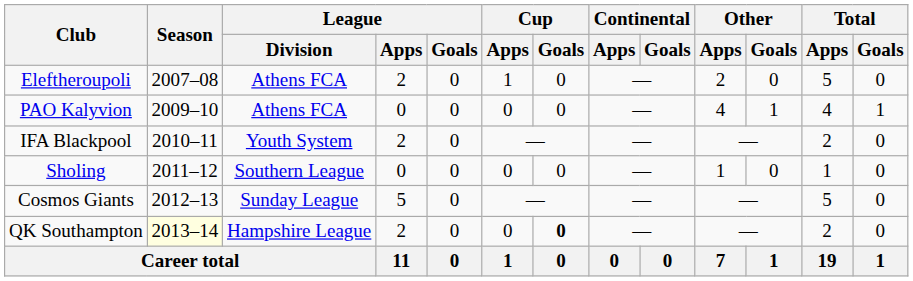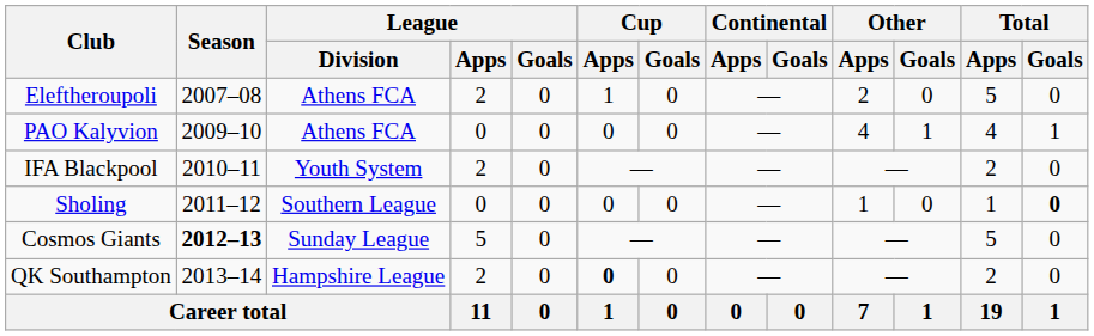 <table class="wikitable" style="text-align: center">
 <tr>
 <th rowspan="2">Club</th>
 <th rowspan="2">Season</th>
 <th colspan="3">League</th>
 <th colspan="2">Cup</th>
 <th colspan="2">Continental</th>
 <th colspan="2">Other</th>
 <th colspan="2">Total</th>
 </tr>
 <tr>
 <th>Division</th>
 <th>Apps</th>
 <th>Goals</th>
 <th>Apps</th>
 <th>Goals</th>
 <th>Apps</th>
 <th>Goals</th>
 <th>Apps</th>
 <th>Goals</th>
 <th>Apps</th>
 <th>Goals</th>
 </tr>
 <tr>
 <td rowspan="1"><a href='#'>Eleftheroupoli</a></td>
 <td>2007–08</td>
 <td rowspan="1"><a href='#'>Athens FCA</a></td>
 <td>2</td>
 <td>0</td>
 <td>1</td>
 <td>0</td>
 <td colspan="2">—</td>
 <td>2</td>
 <td>0</td>
 <td>5</td>
 <td>0</td>
 </tr>
 <tr>
 <td><a href='#'>PAO Kalyvion</a></td>
 <td>2009–10</td>
 <td><a href='#'>Athens FCA</a></td>
 <td>0</td>
 <td>0</td>
 <td>0</td>
 <td>0</td>
 <td colspan="2">—</td>
 <td>4</td>
 <td>1</td>
 <td>4</td>
 <td>1</td>
 </tr>
 <tr>
 <td>IFA Blackpool</td>
 <td>2010–11</td>
 <td><a href='#'>Youth System</a></td>
 <td>2</td>
 <td>0</td>
 <td colspan="2">—</td>
 <td colspan="2">—</td>
 <td colspan="2">—</td>
 <td>2</td>
 <td>0</td>
 </tr>
 <tr>
 <td><a href='#'>Sholing</a></td>
 <td>2011–12</td>
 <td><a href='#'>Southern League</a></td>
 <td>0</td>
 <td>0</td>
 <td>0</td>
 <td>0</td>
 <td colspan="2">—</td>
 <td>1</td>
 <td>0</td>
 <td>1</td>
-<td>0</td>
+<td><strong>0</strong></td>
 </tr>
 <tr>
 <td>Cosmos Giants</td>
-<td>2012–13</td>
+<td><strong>2012–13</strong></td>
 <td><a href='#'>Sunday League</a></td>
 <td>5</td>
 <td>0</td>
 <td colspan="2">—</td>
 <td colspan="2">—</td>
 <td colspan="2">—</td>
 <td>5</td>
 <td>0</td>
 </tr>
 <tr>
 <td>QK Southampton</td>
-<td style="background: lightyellow;">2013–14</td>
+<td>2013–14</td>
 <td><a href='#'>Hampshire League</a></td>
 <td>2</td>
 <td>0</td>
+<td><strong>0</strong></td>
 <td>0</td>
-<td><strong>0</strong></td>
 <td colspan="2">—</td>
 <td colspan="2">—</td>
 <td>2</td>
 <td>0</td>
 </tr>
 <tr>
 <th colspan="3">Career total</th>
 <th>11</th>
 <th>0</th>
 <th>1</th>
 <th>0</th>
 <th>0</th>
 <th>0</th>
 <th>7</th>
 <th>1</th>
 <th>19</th>
 <th>1</th>
 </tr>
 </table>
